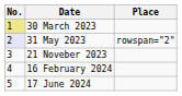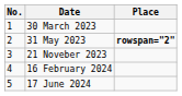 <table class="wikitable">
 <tr>
 <th>No.</th>
 <th>Date</th>
 <th>Place</th>
 </tr>
 <tr>
-<td style="background: khaki;">1</td>
+<td>1</td>
 <td>30 March 2023</td>
 <td></td>
 </tr>
 <tr>
-<td style="background: lavender;">2</td>
+<td>2</td>
 <td>31 May 2023</td>
-<td>rowspan="2" </td>
+<td><strong>rowspan="2" </strong></td>
 </tr>
 <tr>
 <td>3</td>
 <td>21 Noveber 2023</td>
 </tr>
 <tr>
 <td>4</td>
 <td>16 February 2024</td>
 <td></td>
 </tr>
 <tr>
 <td>5</td>
 <td>17 June 2024</td>
 <td></td>
 </tr>
 </table>
